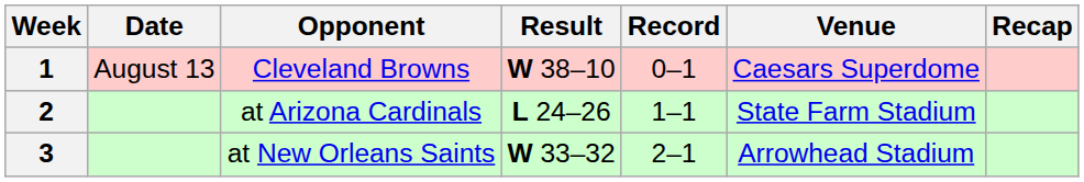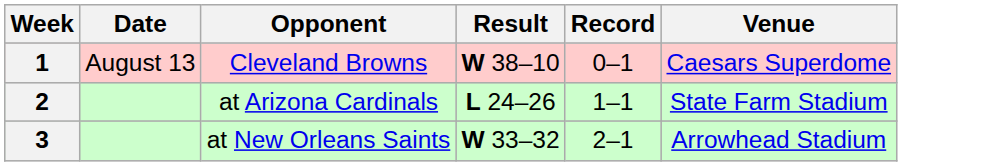 <table class="wikitable" style="text-align:center">
 <tr>
 <th>Week</th>
 <th>Date</th>
 <th>Opponent</th>
 <th>Result</th>
 <th>Record</th>
 <th>Venue</th>
-<th>Recap</th>
 </tr>
 <tr style="background:#fcc">
 <th>1</th>
 <td>August 13</td>
 <td><a href='#'>Cleveland Browns</a></td>
 <td><strong>W</strong> 38–10</td>
 <td>0–1</td>
 <td><a href='#'>Caesars Superdome</a></td>
-<td></td>
 </tr>
 <tr style="background:#cfc">
 <th>2</th>
 <td></td>
 <td>at <a href='#'>Arizona Cardinals</a></td>
 <td><strong>L</strong> 24–26</td>
 <td>1–1</td>
 <td><a href='#'>State Farm Stadium</a></td>
-<td></td>
 </tr>
 <tr style="background:#cfc">
 <th>3</th>
 <td></td>
 <td>at <a href='#'>New Orleans Saints</a></td>
 <td><strong>W</strong> 33–32</td>
 <td>2–1</td>
 <td><a href='#'>Arrowhead Stadium</a></td>
-<td></td>
 </tr>
 </table>
